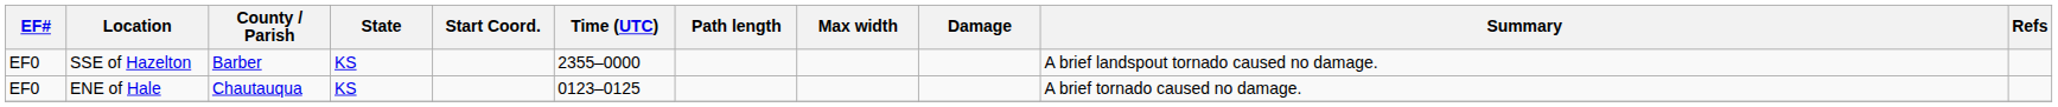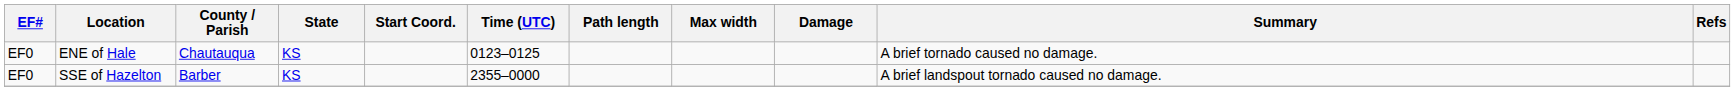 <table class="wikitable sortable" style="width:100%;">
 <tr>
 <th scope="col" width="3%" align="center"><a href='#'>EF#</a></th>
 <th scope="col" width="7%" align="center" class="unsortable">Location</th>
 <th scope="col" width="6%" align="center" class="unsortable">County / Parish</th>
 <th scope="col" width="5%" align="center">State</th>
 <th scope="col" width="6%" align="center">Start Coord.</th>
 <th scope="col" width="6%" align="center">Time (<a href='#'>UTC</a>)</th>
 <th scope="col" width="6%" align="center">Path length</th>
 <th scope="col" width="6%" align="center">Max width</th>
 <th scope="col" width="6%" align="center">Damage</th>
 <th scope="col" width="48%" class="unsortable" align="center">Summary</th>
 <th scope="col" width="48%" class="unsortable" align="center">Refs</th>
 </tr>
 <tr>
 <td>EF0</td>
+<td>ENE of <a href='#'>Hale</a></td>
+<td><a href='#'>Chautauqua</a></td>
+<td><a href='#'>KS</a></td>
+<td></td>
+<td>0123–0125</td>
+<td></td>
+<td></td>
+<td></td>
+<td>A brief tornado caused no damage.</td>
+<td></td>
+</tr>
+<tr>
+<td>EF0</td>
 <td>SSE of <a href='#'>Hazelton</a></td>
 <td><a href='#'>Barber</a></td>
 <td><a href='#'>KS</a></td>
 <td></td>
 <td>2355–0000</td>
 <td></td>
 <td></td>
 <td></td>
 <td>A brief landspout tornado caused no damage.</td>
 <td></td>
 </tr>
 <tr>
-<td>EF0</td>
-<td>ENE of <a href='#'>Hale</a></td>
-<td><a href='#'>Chautauqua</a></td>
-<td><a href='#'>KS</a></td>
-<td></td>
-<td>0123–0125</td>
-<td></td>
-<td></td>
-<td></td>
-<td>A brief tornado caused no damage.</td>
-<td></td>
-</tr>
-<tr>
 </tr>
 </table>
